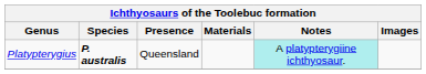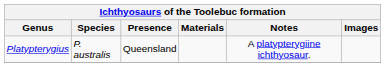 <table class="wikitable" align="center">
 <tr>
 <th colspan="6" align="center"><strong><a href='#'>Ichthyosaurs</a></strong>  of the Toolebuc formation</th>
 </tr>
 <tr>
 <th>Genus</th>
 <th>Species</th>
 <th>Presence</th>
 <th>Materials</th>
 <th>Notes</th>
 <th>Images</th>
 </tr>
 <tr>
 <td><em><a href='#'>Platypterygius</a></em></td>
-<td><strong><em>P. australis</em></strong></td>
+<td><em>P. australis</em></td>
 <td>Queensland</td>
 <td></td>
-<td align=center style="background: paleturquoise;">A <a href='#'>platypterygiine</a> <a href='#'>ichthyosaur</a>.</td>
+<td align=center>A <a href='#'>platypterygiine</a> <a href='#'>ichthyosaur</a>.</td>
 <td></td>
 </tr>
 <tr>
 </tr>
 </table>
